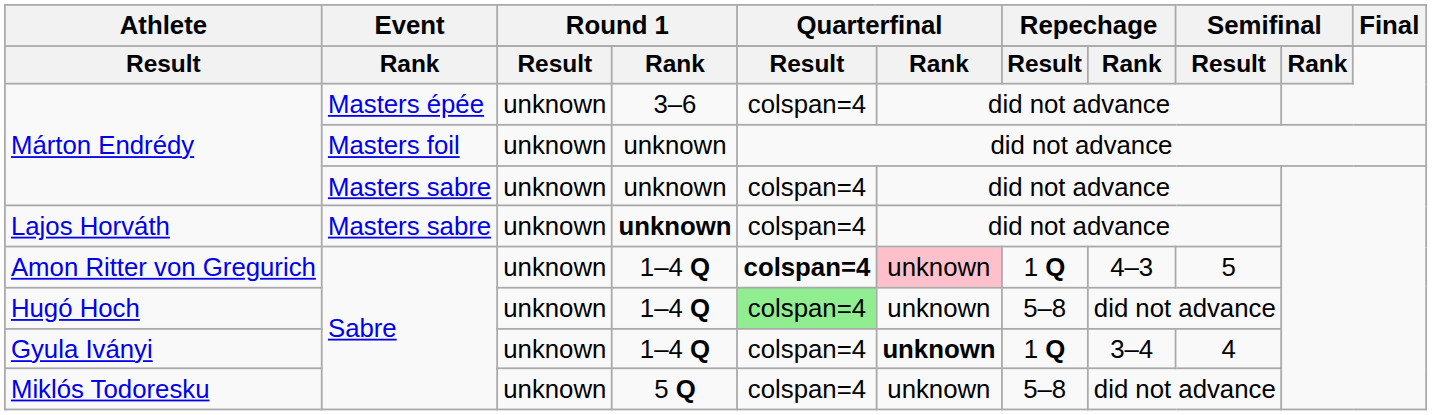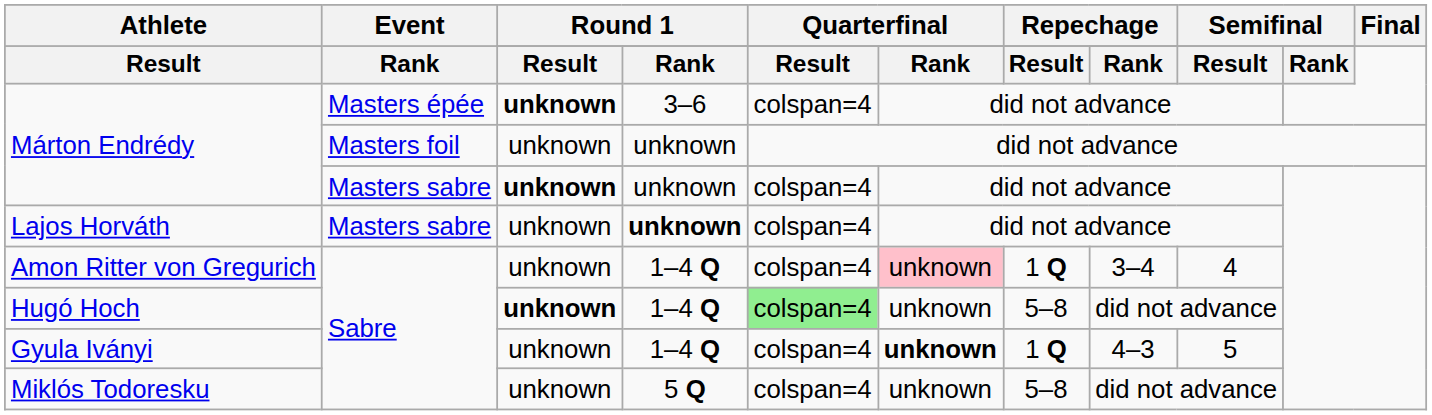 <table class=wikitable style="text-align:left; font-size:90%; text-align:center">
 <tr>
 <th rowspan=2>Athlete</th>
 <th rowspan=2>Event</th>
 <th colspan=2>Round 1</th>
 <th colspan=2>Quarterfinal</th>
 <th colspan=2>Repechage</th>
 <th colspan=2>Semifinal</th>
 <th colspan=2>Final</th>
 </tr>
 <tr>
 </tr>
 <tr style="font-size:95%">
 <th>Result</th>
 <th>Rank</th>
 <th>Result</th>
 <th>Rank</th>
 <th>Result</th>
 <th>Rank</th>
 <th>Result</th>
 <th>Rank</th>
 <th>Result</th>
 <th>Rank</th>
 </tr>
 <tr>
 <td rowspan=3 style="text-align:left"><a href='#'>Márton Endrédy</a></td>
 <td style="text-align:left"><a href='#'>Masters épée</a></td>
-<td>unknown</td>
+<td><strong>unknown</strong></td>
 <td>3–6</td>
 <td>colspan=4 </td>
 <td colspan=4>did not advance</td>
 </tr>
 <tr>
 <td style="text-align:left"><a href='#'>Masters foil</a></td>
 <td>unknown</td>
 <td>unknown</td>
 <td colspan=8>did not advance</td>
 </tr>
 <tr>
 <td style="text-align:left"><a href='#'>Masters sabre</a></td>
-<td>unknown</td>
+<td><strong>unknown</strong></td>
 <td>unknown</td>
 <td>colspan=4 </td>
 <td colspan=4>did not advance</td>
 </tr>
 <tr>
 <td style="text-align:left"><a href='#'>Lajos Horváth</a></td>
 <td style="text-align:left"><a href='#'>Masters sabre</a></td>
 <td>unknown</td>
 <td><strong>unknown</strong></td>
 <td>colspan=4 </td>
 <td colspan=4>did not advance</td>
 </tr>
 <tr>
 <td style="text-align:left"><a href='#'>Amon Ritter von Gregurich</a></td>
 <td rowspan=4 style="text-align:left"><a href='#'>Sabre</a></td>
 <td>unknown</td>
 <td>1–4 <strong>Q</strong></td>
-<td><strong>colspan=4 </strong></td>
+<td>colspan=4 </td>
 <td style="background: pink;">unknown</td>
 <td>1 <strong>Q</strong></td>
-<td>4–3</td>
-<td>5</td>
+<td>3–4</td>
+<td>4</td>
 </tr>
 <tr>
 <td style="text-align:left"><a href='#'>Hugó Hoch</a></td>
-<td>unknown</td>
+<td><strong>unknown</strong></td>
 <td>1–4 <strong>Q</strong></td>
 <td style="background: lightgreen;">colspan=4 </td>
 <td>unknown</td>
 <td>5–8</td>
 <td colspan=2>did not advance</td>
 </tr>
 <tr>
 <td style="text-align:left"><a href='#'>Gyula Iványi</a></td>
 <td>unknown</td>
 <td>1–4 <strong>Q</strong></td>
 <td>colspan=4 </td>
 <td><strong>unknown</strong></td>
 <td>1 <strong>Q</strong></td>
-<td>3–4</td>
-<td>4</td>
+<td>4–3</td>
+<td>5</td>
 </tr>
 <tr>
 <td style="text-align:left"><a href='#'>Miklós Todoresku</a></td>
 <td>unknown</td>
 <td>5 <strong>Q</strong></td>
 <td>colspan=4 </td>
 <td>unknown</td>
 <td>5–8</td>
 <td colspan=2>did not advance</td>
 </tr>
 </table>
